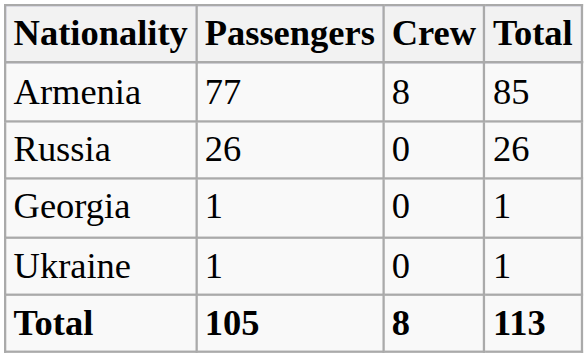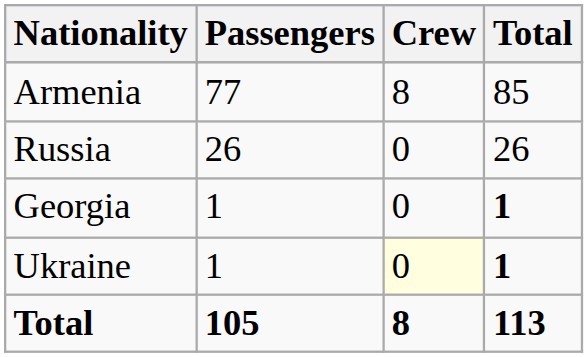 <table class="wikitable">
 <tr style="background:#ccccff;">
 <th rowspan=1>Nationality</th>
 <th colspan=1>Passengers</th>
 <th colspan=1>Crew</th>
 <th colspan=1>Total</th>
 </tr>
 <tr style="background:#ccccff;">
 </tr>
 <tr valign=top>
 <td>Armenia</td>
 <td>77</td>
 <td>8</td>
 <td>85</td>
 </tr>
 <tr valign=top>
 <td>Russia</td>
 <td>26</td>
 <td>0</td>
 <td>26</td>
 </tr>
 <tr valign=top>
 <td>Georgia</td>
 <td>1</td>
 <td>0</td>
-<td>1</td>
+<td><strong>1</strong></td>
 </tr>
 <tr valign=top>
 <td>Ukraine</td>
 <td>1</td>
-<td>0</td>
-<td>1</td>
+<td style="background: lightyellow;">0</td>
+<td><strong>1</strong></td>
 </tr>
 <tr valign=top>
 <td><strong>Total</strong></td>
 <td><strong>105</strong></td>
 <td><strong>8</strong></td>
 <td><strong>113</strong></td>
 </tr>
 </table>
